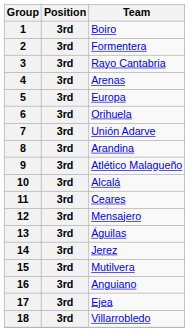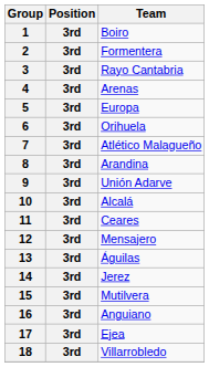 <table class="wikitable">
 <tr>
 <th>Group</th>
 <th>Position</th>
 <th>Team</th>
 </tr>
 <tr>
 <th>1</th>
 <th>3rd</th>
 <td><a href='#'>Boiro</a></td>
 </tr>
 <tr>
 <th>2</th>
 <th>3rd</th>
 <td><a href='#'>Formentera</a></td>
 </tr>
 <tr>
 <th>3</th>
 <th>3rd</th>
 <td><a href='#'>Rayo Cantabria</a></td>
 </tr>
 <tr>
 <th>4</th>
 <th>3rd</th>
 <td><a href='#'>Arenas</a></td>
 </tr>
 <tr>
 <th>5</th>
 <th>3rd</th>
 <td><a href='#'>Europa</a></td>
 </tr>
 <tr>
 <th>6</th>
 <th>3rd</th>
 <td><a href='#'>Orihuela</a></td>
 </tr>
 <tr>
 <th>7</th>
 <th>3rd</th>
-<td><a href='#'>Unión Adarve</a></td>
+<td><a href='#'>Atlético Malagueño</a></td>
 </tr>
 <tr>
 <th>8</th>
 <th>3rd</th>
 <td><a href='#'>Arandina</a></td>
 </tr>
 <tr>
 <th>9</th>
 <th>3rd</th>
-<td><a href='#'>Atlético Malagueño</a></td>
+<td><a href='#'>Unión Adarve</a></td>
 </tr>
 <tr>
 <th>10</th>
 <th>3rd</th>
 <td><a href='#'>Alcalá</a></td>
 </tr>
 <tr>
 <th>11</th>
 <th>3rd</th>
 <td><a href='#'>Ceares</a></td>
 </tr>
 <tr>
 <th>12</th>
 <th>3rd</th>
 <td><a href='#'>Mensajero</a></td>
 </tr>
 <tr>
 <th>13</th>
 <th>3rd</th>
 <td><a href='#'>Águilas</a></td>
 </tr>
 <tr>
 <th>14</th>
 <th>3rd</th>
 <td><a href='#'>Jerez</a></td>
 </tr>
 <tr>
 <th>15</th>
 <th>3rd</th>
 <td><a href='#'>Mutilvera</a></td>
 </tr>
 <tr>
 <th>16</th>
 <th>3rd</th>
 <td><a href='#'>Anguiano</a></td>
 </tr>
 <tr>
 <th>17</th>
 <th>3rd</th>
 <td><a href='#'>Ejea</a></td>
 </tr>
 <tr>
 <th>18</th>
 <th>3rd</th>
 <td><a href='#'>Villarrobledo</a></td>
 </tr>
 <tr>
 </tr>
 </table>
